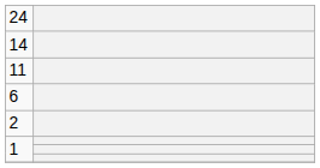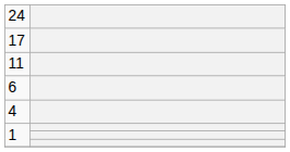 <table class="wikitable plainrowheaders" width="300px">
 <tr>
 <td width="20">24</td>
 <th scope=row></th>
 </tr>
 <tr>
-<td width="20">14</td>
+<td width="20">17</td>
 <th scope=row></th>
 </tr>
 <tr>
 <td width="20">11</td>
 <th scope=row></th>
 </tr>
 <tr>
 <td width="20">6</td>
 <th scope=row></th>
 </tr>
 <tr>
-<td width="20">2</td>
+<td width="20">4</td>
 <th scope=row></th>
 </tr>
 <tr>
 <td rowspan=3>1</td>
 <th scope=row></th>
 </tr>
 <tr>
 <th scope=row></th>
 </tr>
 <tr>
 <th scope=row></th>
 </tr>
 <tr>
 </tr>
 </table>
